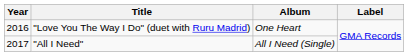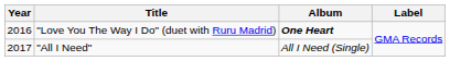 <table class="wikitable">
 <tr>
 <th>Year</th>
 <th>Title</th>
 <th>Album</th>
 <th>Label</th>
 </tr>
 <tr>
 <td>2016</td>
 <td>"Love You The Way I Do" (duet with <a href='#'>Ruru Madrid</a>)</td>
-<td><em>One Heart</em></td>
+<td><strong><em>One Heart</em></strong></td>
 <td rowspan="2"><a href='#'>GMA Records</a></td>
 </tr>
 <tr>
 <td>2017</td>
 <td>"All I Need"</td>
 <td><em>All I Need (Single)</em></td>
 </tr>
 </table>
